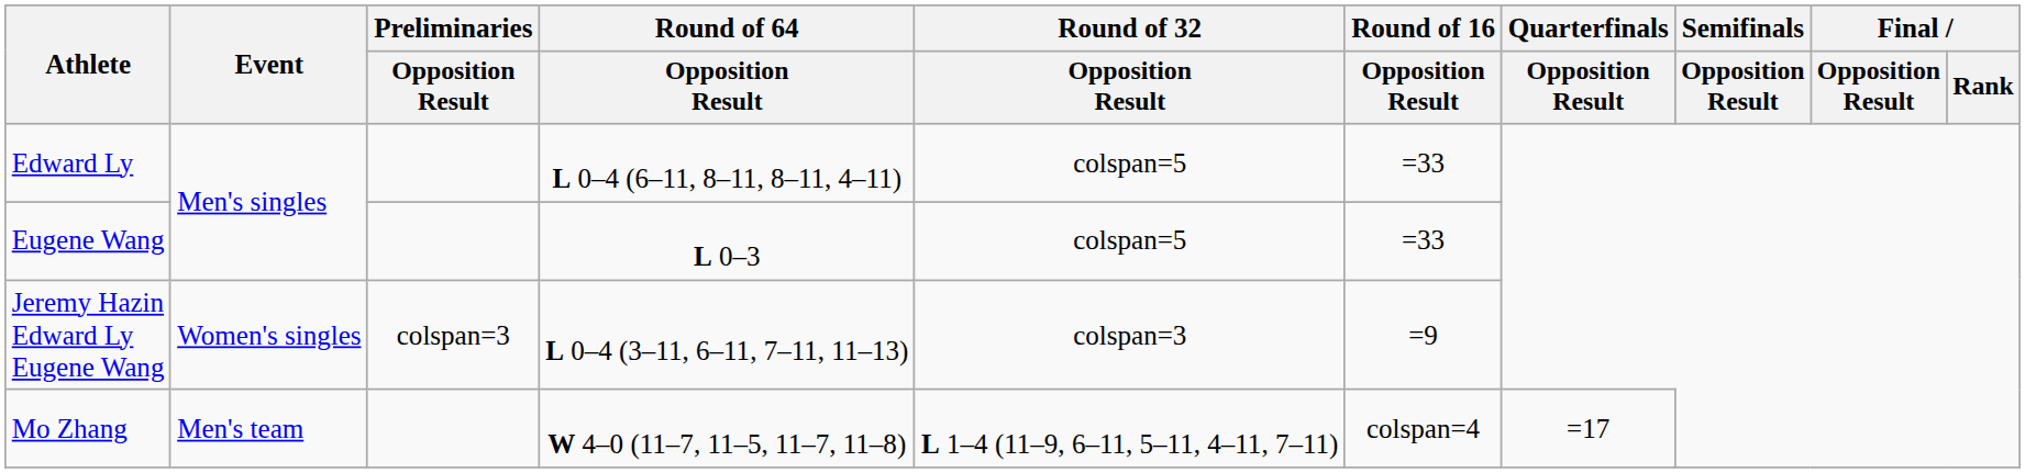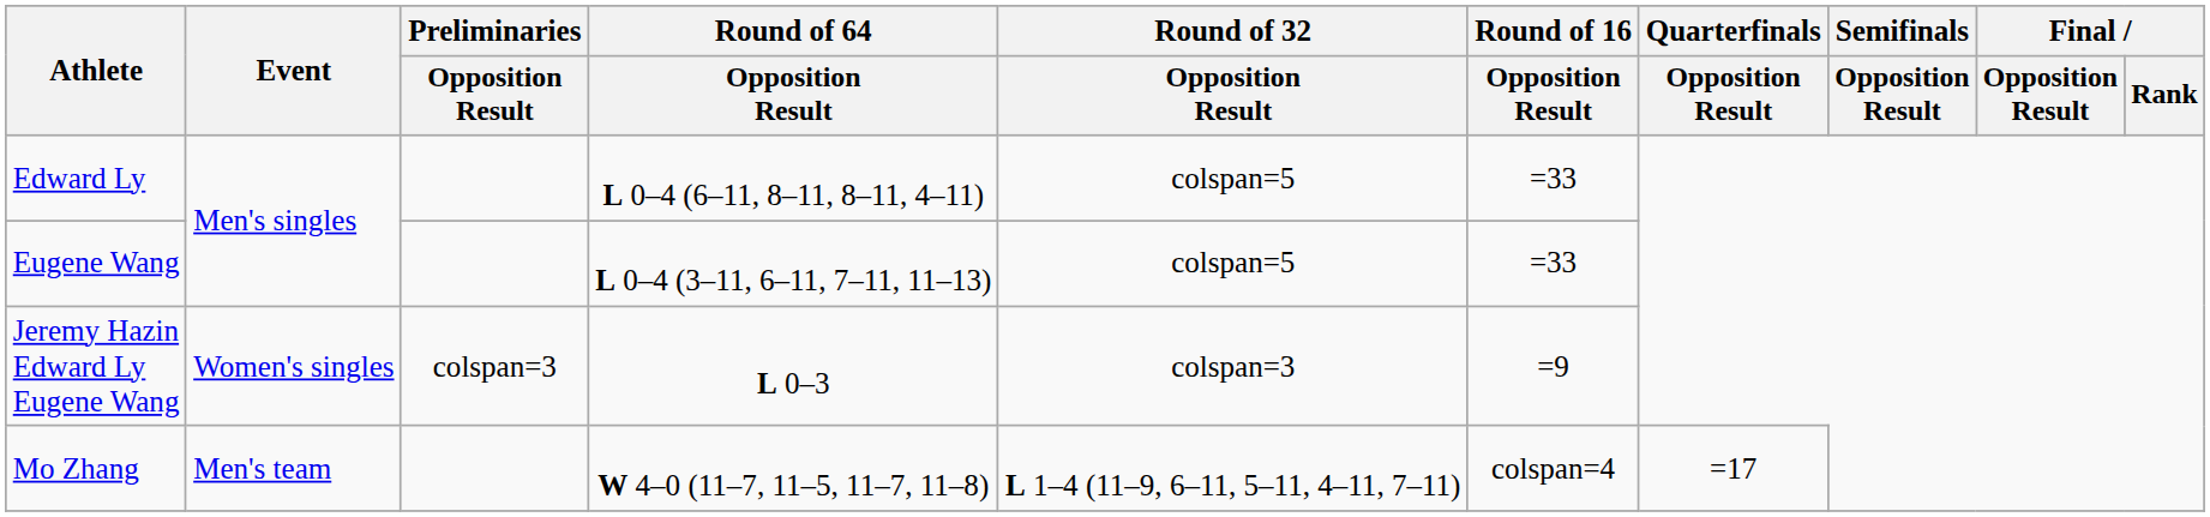 <table class=wikitable style=font-size:90%;text-align:center>
 <tr>
 <th rowspan=2>Athlete</th>
 <th rowspan=2>Event</th>
 <th>Preliminaries</th>
 <th>Round of 64</th>
 <th>Round of 32</th>
 <th>Round of 16</th>
 <th>Quarterfinals</th>
 <th>Semifinals</th>
 <th colspan=2>Final / </th>
 </tr>
 <tr style=font-size:95%>
 <th>Opposition<br>Result</th>
 <th>Opposition<br>Result</th>
 <th>Opposition<br>Result</th>
 <th>Opposition<br>Result</th>
 <th>Opposition<br>Result</th>
 <th>Opposition<br>Result</th>
 <th>Opposition<br>Result</th>
 <th>Rank</th>
 </tr>
 <tr>
 <td align=left><a href='#'>Edward Ly</a></td>
 <td align=left rowspan=2><a href='#'>Men's singles</a></td>
 <td></td>
 <td><br><strong>L</strong> 0–4 (6–11, 8–11, 8–11, 4–11)</td>
 <td>colspan=5 </td>
 <td>=33</td>
 </tr>
 <tr align=center>
 <td align=left><a href='#'>Eugene Wang</a></td>
 <td></td>
-<td><br><strong>L</strong> 0–3</td>
+<td><br><strong>L</strong> 0–4 (3–11, 6–11, 7–11, 11–13)</td>
 <td>colspan=5 </td>
 <td>=33</td>
 </tr>
 <tr>
 <td align=left><a href='#'>Jeremy Hazin</a><br><a href='#'>Edward Ly</a><br><a href='#'>Eugene Wang</a></td>
 <td align=left><a href='#'>Women's singles</a></td>
 <td>colspan=3 </td>
-<td><br><strong>L</strong> 0–4 (3–11, 6–11, 7–11, 11–13)</td>
+<td><br><strong>L</strong> 0–3</td>
 <td>colspan=3 </td>
 <td>=9</td>
 </tr>
 <tr>
 <td align=left><a href='#'>Mo Zhang</a></td>
 <td align=left><a href='#'>Men's team</a></td>
 <td></td>
 <td><br><strong>W</strong> 4–0 (11–7, 11–5, 11–7, 11–8)</td>
 <td><br><strong>L</strong> 1–4 (11–9, 6–11, 5–11, 4–11, 7–11)</td>
 <td>colspan=4 </td>
 <td>=17</td>
 </tr>
 </table>
